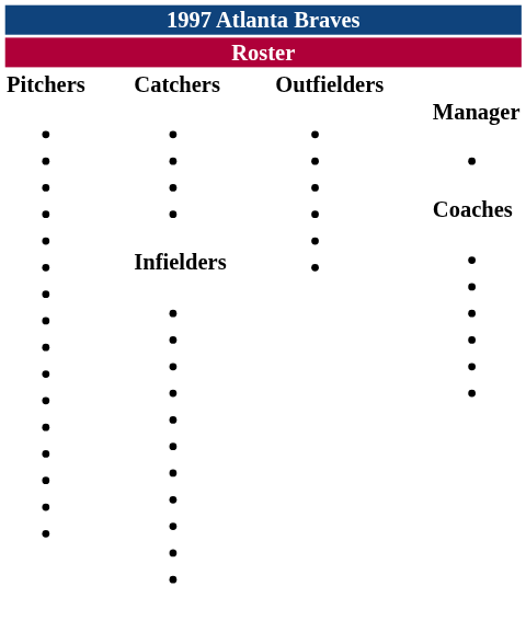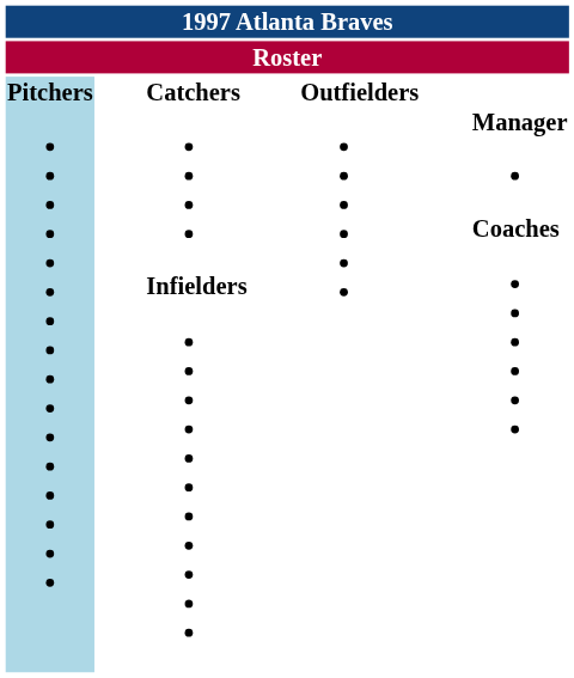 <table class="toccolours" style="font-size: 95%;">
 <tr>
 <th colspan="10" style="background-color: #0f437c; color: #FFFFFF; text-align: center;">1997 Atlanta Braves</th>
 </tr>
 <tr>
 <td colspan="10" style="background-color:#af0039; color: white; text-align: center;"><strong>Roster</strong></td>
 </tr>
 <tr>
-<td valign="top"><strong>Pitchers</strong><br><ul><li></li><li></li><li></li><li></li><li></li><li></li><li></li><li></li><li></li><li></li><li></li><li></li><li></li><li></li><li></li><li></li></ul></td>
+<td valign="top" style="background: lightblue;"><strong>Pitchers</strong><br><ul><li></li><li></li><li></li><li></li><li></li><li></li><li></li><li></li><li></li><li></li><li></li><li></li><li></li><li></li><li></li><li></li></ul></td>
 <td width="25px"></td>
 <td valign="top"><strong>Catchers</strong><br><ul><li></li><li></li><li></li><li></li></ul><strong>Infielders</strong><ul><li></li><li></li><li></li><li></li><li></li><li></li><li></li><li></li><li></li><li></li><li></li></ul></td>
 <td width="25px"></td>
 <td valign="top"><strong>Outfielders</strong><br><ul><li></li><li></li><li></li><li></li><li></li><li></li></ul></td>
 <td width="25px"></td>
 <td valign="top"><br><strong>Manager</strong><ul><li></li></ul><strong>Coaches</strong><ul><li></li><li></li><li></li><li></li><li></li><li></li></ul></td>
 </tr>
 </table>
